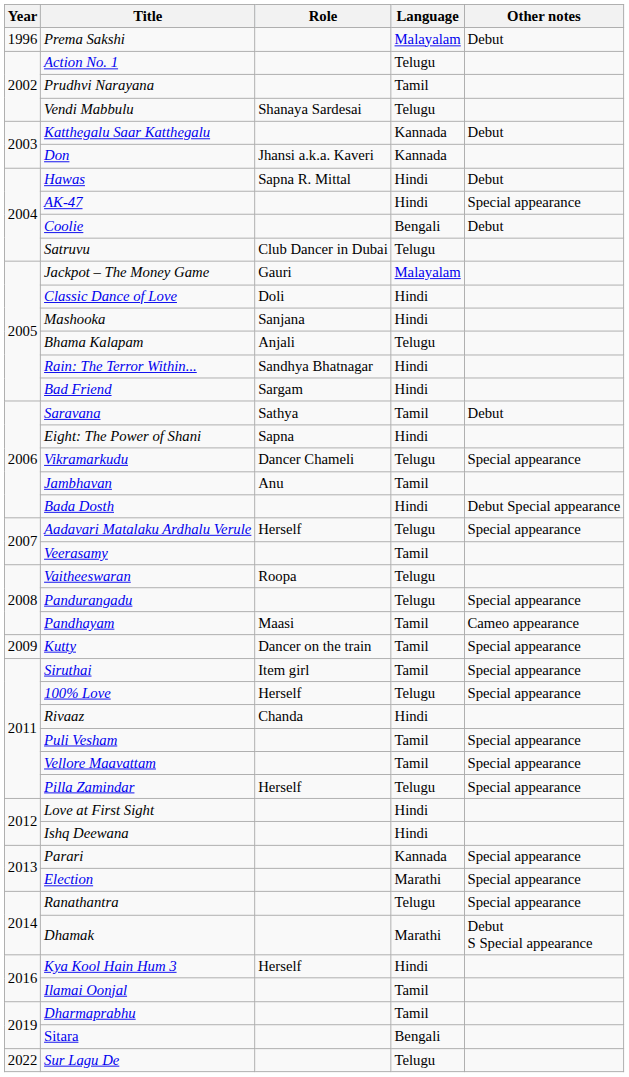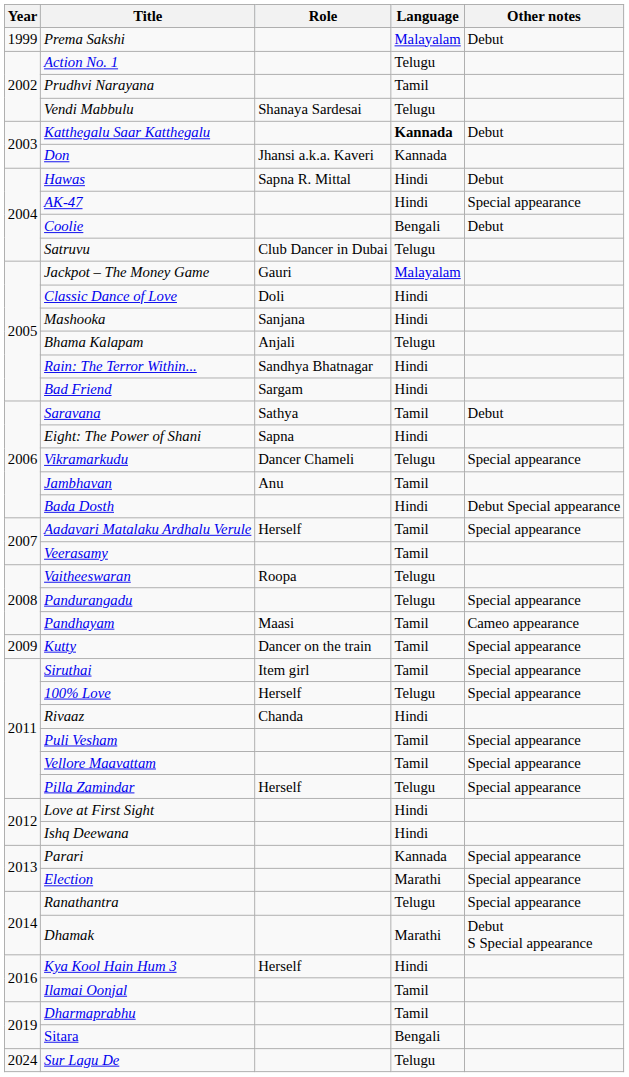 <table class="wikitable">
 <tr style="background:#d1e4fd;">
 <th>Year</th>
 <th>Title</th>
 <th>Role</th>
 <th>Language</th>
 <th>Other notes</th>
 </tr>
 <tr>
-<td>1996</td>
+<td>1999</td>
 <td><em>Prema Sakshi</em></td>
 <td></td>
 <td><a href='#'>Malayalam</a></td>
 <td>Debut</td>
 </tr>
 <tr>
 <td rowspan="3">2002</td>
 <td><em><a href='#'>Action No. 1</a></em></td>
 <td></td>
 <td>Telugu</td>
 <td></td>
 </tr>
 <tr>
 <td><em>Prudhvi Narayana</em></td>
 <td></td>
 <td>Tamil</td>
 <td></td>
 </tr>
 <tr>
 <td><em>Vendi Mabbulu</em></td>
 <td>Shanaya Sardesai</td>
 <td>Telugu</td>
 <td></td>
 </tr>
 <tr>
 <td rowspan="2">2003</td>
 <td><em><a href='#'>Katthegalu Saar Katthegalu</a></em></td>
 <td></td>
-<td>Kannada</td>
+<td><strong>Kannada</strong></td>
 <td>Debut</td>
 </tr>
 <tr>
 <td><em><a href='#'>Don</a></em></td>
 <td>Jhansi a.k.a. Kaveri</td>
 <td>Kannada</td>
 <td></td>
 </tr>
 <tr>
 <td rowspan="4">2004</td>
 <td><em><a href='#'>Hawas</a></em></td>
 <td>Sapna R. Mittal</td>
 <td>Hindi</td>
 <td>Debut</td>
 </tr>
 <tr>
 <td><em><a href='#'>AK-47</a></em></td>
 <td></td>
 <td>Hindi</td>
 <td>Special appearance</td>
 </tr>
 <tr>
 <td><em><a href='#'>Coolie</a></em></td>
 <td></td>
 <td>Bengali</td>
 <td>Debut</td>
 </tr>
 <tr>
 <td><em>Satruvu</em></td>
 <td>Club Dancer in Dubai</td>
 <td>Telugu</td>
 <td></td>
 </tr>
 <tr>
 <td rowspan="6">2005</td>
 <td><em>Jackpot – The Money Game</em></td>
 <td>Gauri</td>
 <td><a href='#'>Malayalam</a></td>
 <td></td>
 </tr>
 <tr>
 <td><em><a href='#'>Classic Dance of Love</a></em></td>
 <td>Doli</td>
 <td>Hindi</td>
 <td></td>
 </tr>
 <tr>
 <td><em>Mashooka</em></td>
 <td>Sanjana</td>
 <td>Hindi</td>
 <td></td>
 </tr>
 <tr>
 <td><em>Bhama Kalapam</em></td>
 <td>Anjali</td>
 <td>Telugu</td>
 <td></td>
 </tr>
 <tr>
 <td><em><a href='#'>Rain: The Terror Within...</a></em></td>
 <td>Sandhya Bhatnagar</td>
 <td>Hindi</td>
 <td></td>
 </tr>
 <tr>
 <td><em><a href='#'>Bad Friend</a></em></td>
 <td>Sargam</td>
 <td>Hindi</td>
 <td></td>
 </tr>
 <tr>
 <td rowspan="5">2006</td>
 <td><em><a href='#'>Saravana</a></em></td>
 <td>Sathya</td>
 <td>Tamil</td>
 <td>Debut</td>
 </tr>
 <tr>
 <td><em>Eight: The Power of Shani</em></td>
 <td>Sapna</td>
 <td>Hindi</td>
 <td></td>
 </tr>
 <tr>
 <td><em><a href='#'>Vikramarkudu</a></em></td>
 <td>Dancer Chameli</td>
 <td>Telugu</td>
 <td>Special appearance</td>
 </tr>
 <tr>
 <td><em><a href='#'>Jambhavan</a></em></td>
 <td>Anu</td>
 <td>Tamil</td>
 <td></td>
 </tr>
 <tr>
 <td><em><a href='#'>Bada Dosth</a></em></td>
 <td></td>
 <td>Hindi</td>
 <td>Debut Special appearance</td>
 </tr>
 <tr>
 <td rowspan="2">2007</td>
 <td><em><a href='#'>Aadavari Matalaku Ardhalu Verule</a></em></td>
 <td>Herself</td>
-<td>Telugu</td>
+<td>Tamil</td>
 <td>Special appearance</td>
 </tr>
 <tr>
 <td><em><a href='#'>Veerasamy</a></em></td>
 <td></td>
 <td>Tamil</td>
 <td></td>
 </tr>
 <tr>
 <td rowspan="3">2008</td>
 <td><em><a href='#'>Vaitheeswaran</a></em></td>
 <td>Roopa</td>
 <td>Telugu</td>
 <td></td>
 </tr>
 <tr>
 <td><em><a href='#'>Pandurangadu</a></em></td>
 <td></td>
 <td>Telugu</td>
 <td>Special appearance</td>
 </tr>
 <tr>
 <td><em><a href='#'>Pandhayam</a></em></td>
 <td>Maasi</td>
 <td>Tamil</td>
 <td>Cameo appearance</td>
 </tr>
 <tr>
 <td>2009</td>
 <td><em><a href='#'>Kutty</a></em></td>
 <td>Dancer on the train</td>
 <td>Tamil</td>
 <td>Special appearance</td>
 </tr>
 <tr>
 <td rowspan="6">2011</td>
 <td><em><a href='#'>Siruthai</a></em></td>
 <td>Item girl</td>
 <td>Tamil</td>
 <td>Special appearance</td>
 </tr>
 <tr>
 <td><em><a href='#'>100% Love</a></em></td>
 <td>Herself</td>
 <td>Telugu</td>
 <td>Special appearance</td>
 </tr>
 <tr>
 <td><em>Rivaaz</em></td>
 <td>Chanda</td>
 <td>Hindi</td>
 <td></td>
 </tr>
 <tr>
 <td><em><a href='#'>Puli Vesham</a></em></td>
 <td></td>
 <td>Tamil</td>
 <td>Special appearance</td>
 </tr>
 <tr>
 <td><em><a href='#'>Vellore Maavattam</a></em></td>
 <td></td>
 <td>Tamil</td>
 <td>Special appearance</td>
 </tr>
 <tr>
 <td><em><a href='#'>Pilla Zamindar</a></em></td>
 <td>Herself</td>
 <td>Telugu</td>
 <td>Special appearance</td>
 </tr>
 <tr>
 <td rowspan="2">2012</td>
 <td><em>Love at First Sight</em></td>
 <td></td>
 <td>Hindi</td>
 <td></td>
 </tr>
 <tr>
 <td><em>Ishq Deewana</em></td>
 <td></td>
 <td>Hindi</td>
 <td></td>
 </tr>
 <tr>
 <td rowspan="2">2013</td>
 <td><em>Parari</em></td>
 <td></td>
 <td>Kannada</td>
 <td>Special appearance</td>
 </tr>
 <tr>
 <td><em><a href='#'>Election</a></em></td>
 <td></td>
 <td>Marathi</td>
 <td>Special appearance</td>
 </tr>
 <tr>
 <td rowspan="2">2014</td>
 <td><em>Ranathantra</em></td>
 <td></td>
 <td>Telugu</td>
 <td>Special appearance</td>
 </tr>
 <tr>
 <td><em>Dhamak</em></td>
 <td></td>
 <td>Marathi</td>
 <td>Debut<br>S Special appearance</td>
 </tr>
 <tr>
 <td rowspan="2">2016</td>
 <td><em><a href='#'>Kya Kool Hain Hum 3</a></em></td>
 <td>Herself</td>
 <td>Hindi</td>
 <td></td>
 </tr>
 <tr>
 <td><em><a href='#'>Ilamai Oonjal</a></em></td>
 <td></td>
 <td>Tamil</td>
 <td></td>
 </tr>
 <tr>
 <td rowspan="2">2019</td>
 <td><em><a href='#'>Dharmaprabhu</a></em></td>
 <td></td>
 <td>Tamil</td>
 <td></td>
 </tr>
 <tr>
 <td><a href='#'>Sitara</a></td>
 <td></td>
 <td>Bengali</td>
 <td></td>
 </tr>
 <tr>
-<td>2022</td>
+<td>2024</td>
 <td><em><a href='#'>Sur Lagu De</a></em></td>
 <td></td>
 <td>Telugu</td>
 <td></td>
 </tr>
 </table>
